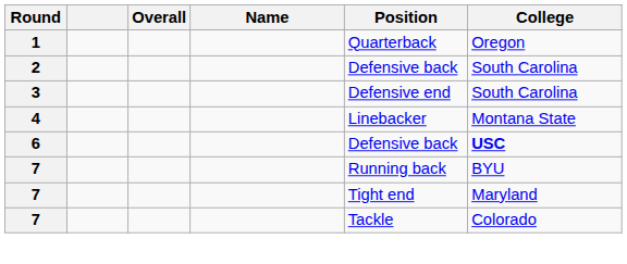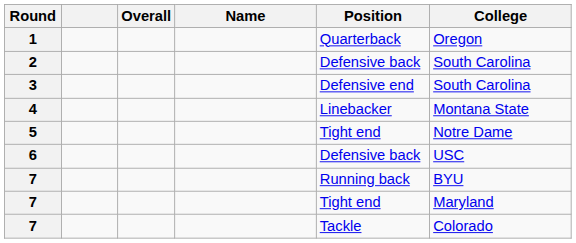 <table class="wikitable sortable">
 <tr>
 <th scope="col" style="width: 10%;">Round</th>
 <th scope="col" style="width: 10%;"></th>
 <th scope="col" style="width: 10%;">Overall</th>
 <th scope="col" style="width: 25%;">Name</th>
 <th scope="col" style="width: 20%;">Position</th>
 <th scope="col" style="width: 25%;">College</th>
 </tr>
 <tr>
 <th scope="row">1</th>
 <td></td>
 <td></td>
 <td></td>
 <td><a href='#'>Quarterback</a></td>
 <td><a href='#'>Oregon</a></td>
 </tr>
 <tr>
 <th scope="row">2</th>
 <td></td>
 <td></td>
 <td></td>
 <td><a href='#'>Defensive back</a></td>
 <td><a href='#'>South Carolina</a></td>
 </tr>
 <tr>
 <th scope="row">3</th>
 <td></td>
 <td></td>
 <td></td>
 <td><a href='#'>Defensive end</a></td>
 <td><a href='#'>South Carolina</a></td>
 </tr>
 <tr>
 <th scope="row">4</th>
 <td></td>
 <td></td>
 <td></td>
 <td><a href='#'>Linebacker</a></td>
 <td><a href='#'>Montana State</a></td>
 </tr>
 <tr>
+<th scope="row">5</th>
+<td></td>
+<td></td>
+<td></td>
+<td><a href='#'>Tight end</a></td>
+<td><a href='#'>Notre Dame</a></td>
+</tr>
+<tr>
 <th scope="row">6</th>
 <td></td>
 <td></td>
 <td></td>
 <td><a href='#'>Defensive back</a></td>
-<td><strong><a href='#'>USC</a></strong></td>
+<td><a href='#'>USC</a></td>
 </tr>
 <tr>
 <th scope="row">7</th>
 <td></td>
 <td></td>
 <td></td>
 <td><a href='#'>Running back</a></td>
 <td><a href='#'>BYU</a></td>
 </tr>
 <tr>
 <th scope="row">7</th>
 <td></td>
 <td></td>
 <td></td>
 <td><a href='#'>Tight end</a></td>
 <td><a href='#'>Maryland</a></td>
 </tr>
 <tr>
 <th scope="row">7</th>
 <td></td>
 <td></td>
 <td></td>
 <td><a href='#'>Tackle</a></td>
 <td><a href='#'>Colorado</a></td>
 </tr>
 </table>
